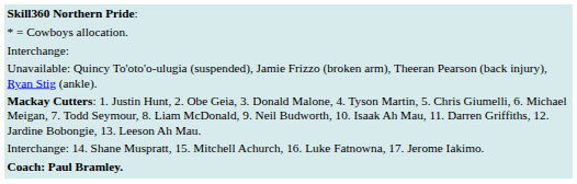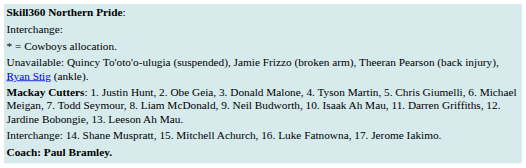 <table style="background:#d7ebed; font-size:85%; width:100%;">
 <tr>
 <td><strong>Skill360 Northern Pride</strong>:             </td>
 </tr>
 <tr>
-<td>* = Cowboys allocation.</td>
+<td>Interchange:    </td>
 </tr>
 <tr>
-<td>Interchange:    </td>
+<td>* = Cowboys allocation.</td>
 </tr>
 <tr>
 <td>Unavailable: Quincy To'oto'o-ulugia (suspended), Jamie Frizzo (broken arm), Theeran Pearson (back injury), <a href='#'>Ryan Stig</a> (ankle).</td>
 </tr>
 <tr>
 <td><strong>Mackay Cutters</strong>: 1. Justin Hunt, 2. Obe Geia, 3. Donald Malone, 4. Tyson Martin, 5. Chris Giumelli, 6. Michael Meigan, 7. Todd Seymour, 8. Liam McDonald, 9. Neil Budworth, 10. Isaak Ah Mau, 11. Darren Griffiths, 12. Jardine Bobongie, 13. Leeson Ah Mau.</td>
 </tr>
 <tr>
 <td>Interchange: 14. Shane Muspratt, 15. Mitchell Achurch, 16. Luke Fatnowna, 17. Jerome Iakimo.</td>
 </tr>
 <tr>
 <td><strong>Coach: Paul Bramley.</strong></td>
 </tr>
 <tr>
 </tr>
 </table>
